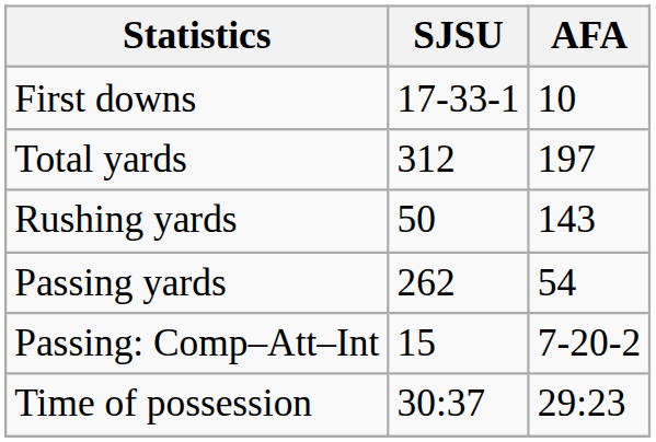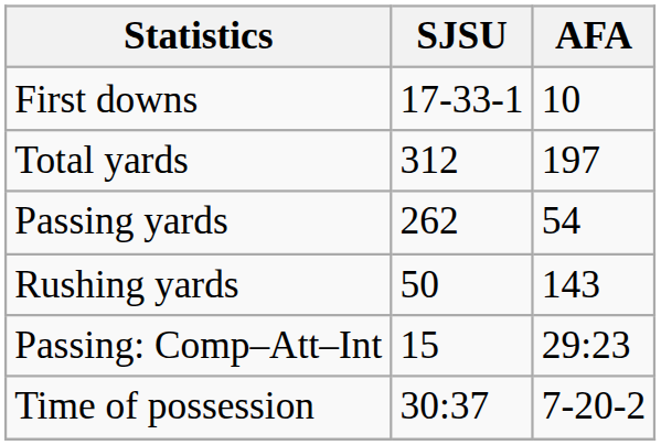 <table class="wikitable" style="float: left;">
 <tr>
 <th>Statistics</th>
 <th>SJSU</th>
 <th>AFA</th>
 </tr>
 <tr>
 <td>First downs</td>
 <td>17-33-1</td>
 <td>10</td>
 </tr>
 <tr>
 <td>Total yards</td>
 <td>312</td>
 <td>197</td>
 </tr>
 <tr>
+<td>Passing yards</td>
+<td>262</td>
+<td>54</td>
+</tr>
+<tr>
 <td>Rushing yards</td>
 <td>50</td>
 <td>143</td>
 </tr>
 <tr>
-<td>Passing yards</td>
-<td>262</td>
-<td>54</td>
-</tr>
-<tr>
 <td>Passing: Comp–Att–Int</td>
 <td>15</td>
-<td>7-20-2</td>
+<td>29:23</td>
 </tr>
 <tr>
 <td>Time of possession</td>
 <td>30:37</td>
-<td>29:23</td>
+<td>7-20-2</td>
 </tr>
 <tr>
 </tr>
 </table>
